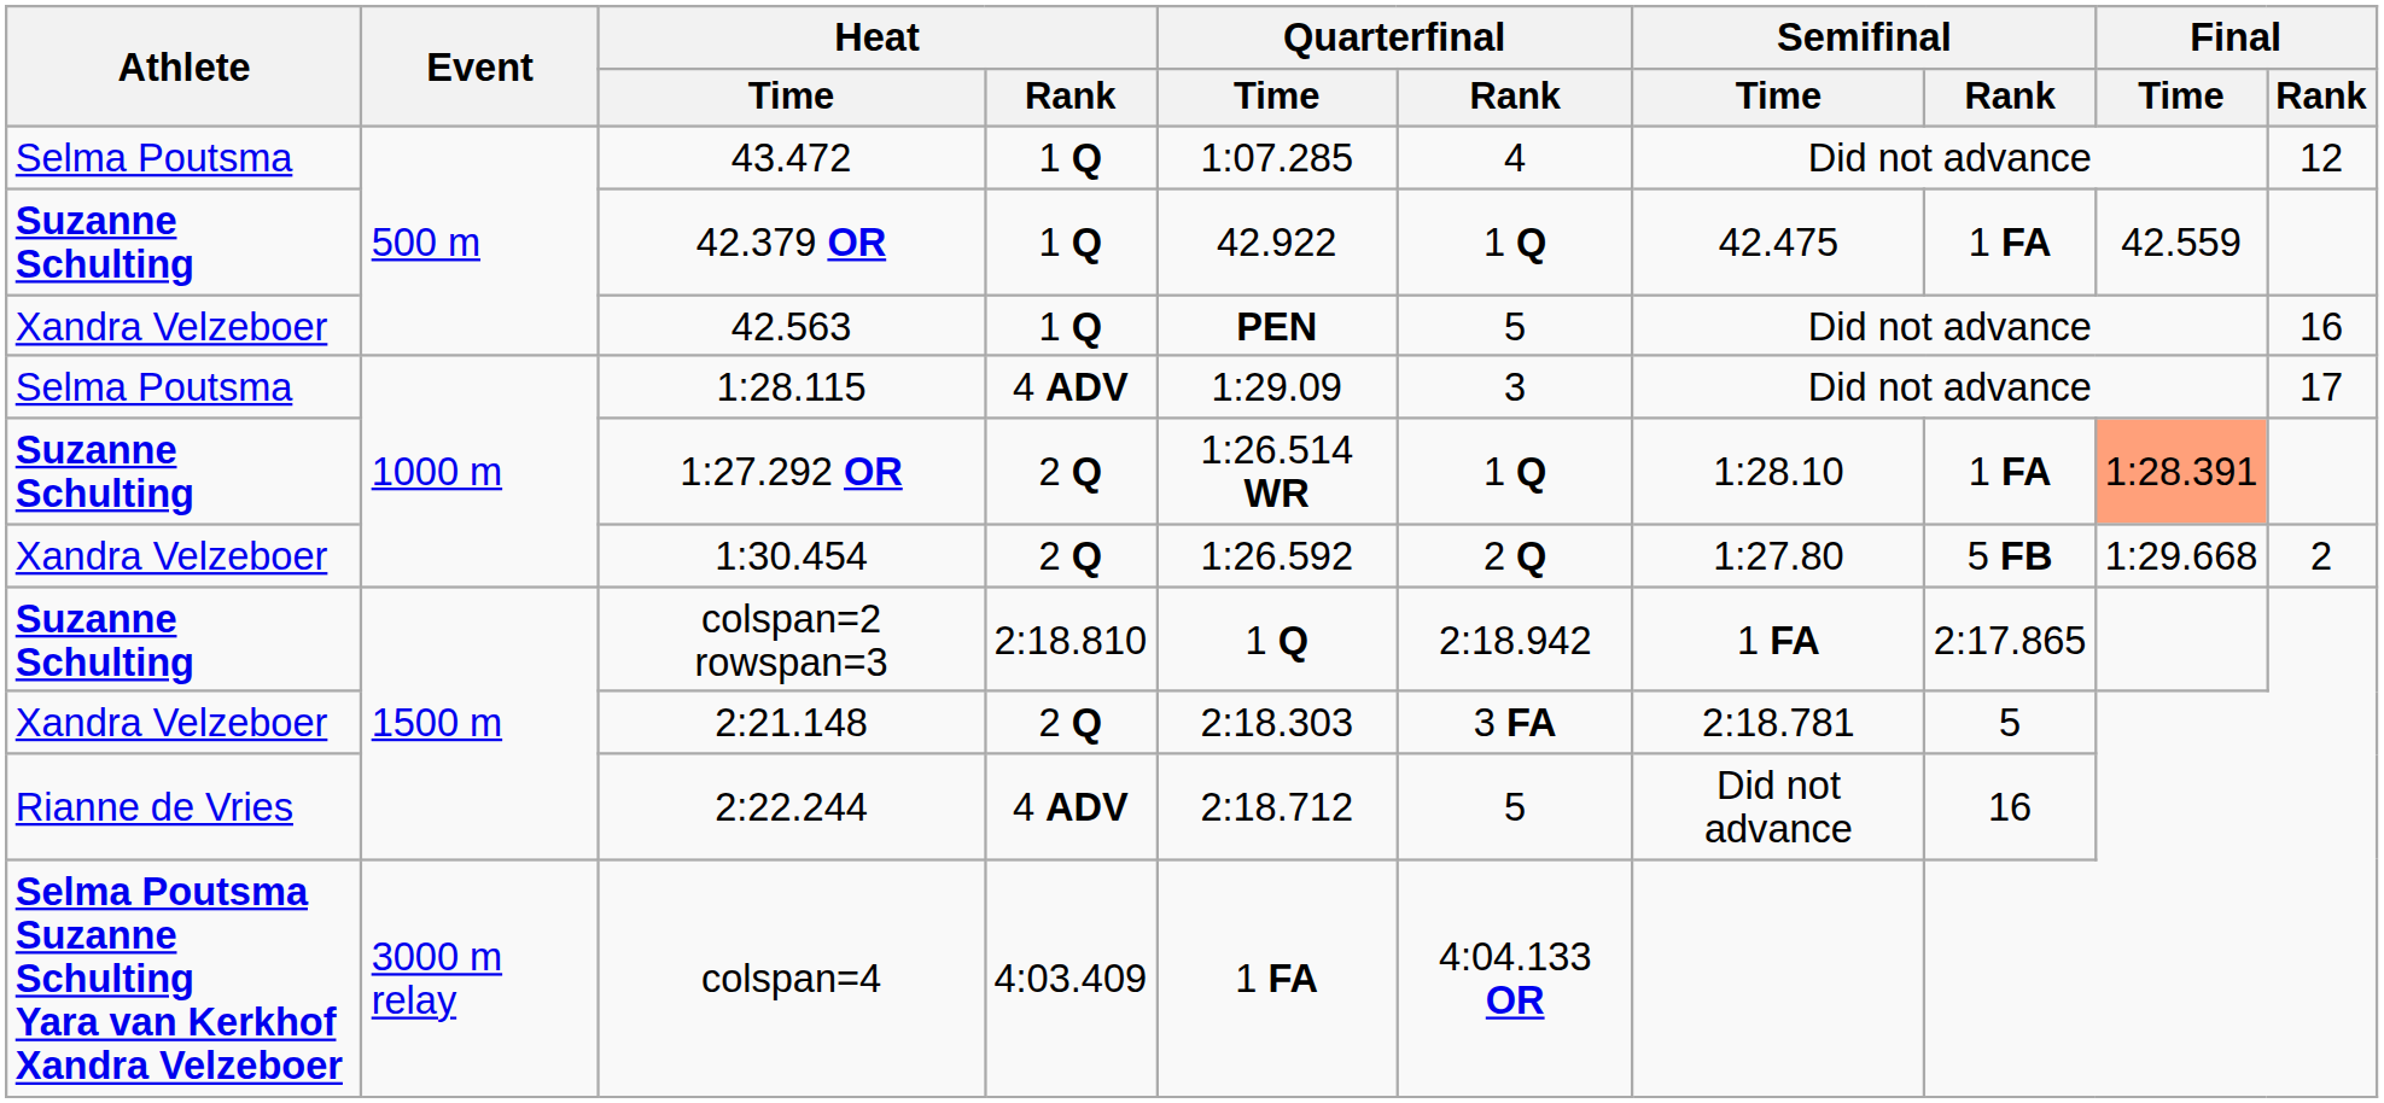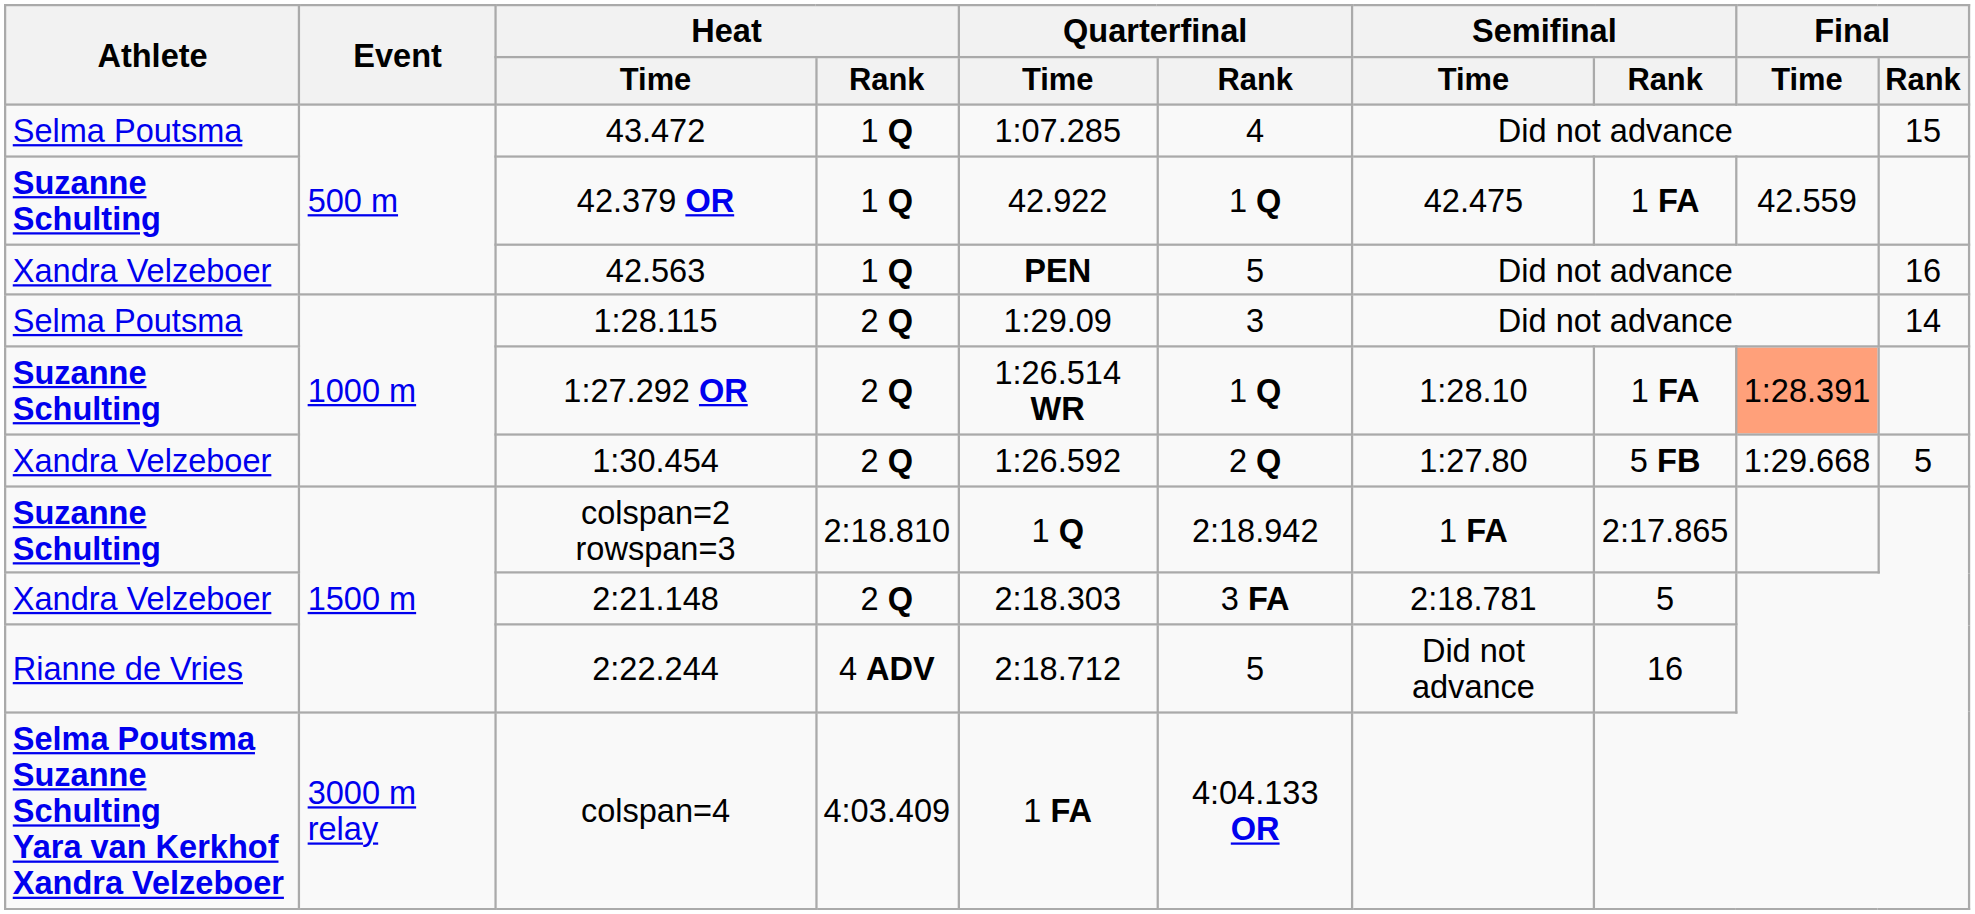 <table class="wikitable" style="font-size:90%">
 <tr>
 <th rowspan=2>Athlete</th>
 <th rowspan=2>Event</th>
 <th colspan=2>Heat</th>
 <th colspan=2>Quarterfinal</th>
 <th colspan=2>Semifinal</th>
 <th colspan=2>Final</th>
 </tr>
 <tr style="font-size:95%">
 <th>Time</th>
 <th>Rank</th>
 <th>Time</th>
 <th>Rank</th>
 <th>Time</th>
 <th>Rank</th>
 <th>Time</th>
 <th>Rank</th>
 </tr>
 <tr align=center>
 <td align=left><a href='#'>Selma Poutsma</a></td>
 <td align=left rowspan=3><a href='#'>500 m</a></td>
 <td>43.472</td>
 <td>1 <strong>Q</strong></td>
 <td>1:07.285</td>
 <td>4</td>
 <td colspan=3>Did not advance</td>
-<td>12</td>
+<td>15</td>
 </tr>
 <tr align=center>
 <td align=left><strong><a href='#'>Suzanne Schulting</a></strong></td>
 <td>42.379 <strong><a href='#'>OR</a></strong></td>
 <td>1 <strong>Q</strong></td>
 <td>42.922</td>
 <td>1 <strong>Q</strong></td>
 <td>42.475</td>
 <td>1 <strong>FA</strong></td>
 <td>42.559</td>
 <td></td>
 </tr>
 <tr align=center>
 <td align=left><a href='#'>Xandra Velzeboer</a></td>
 <td>42.563</td>
 <td>1 <strong>Q</strong></td>
 <td><strong>PEN</strong></td>
 <td>5</td>
 <td colspan=3>Did not advance</td>
 <td>16</td>
 </tr>
 <tr align=center>
 <td align=left><a href='#'>Selma Poutsma</a></td>
 <td align=left rowspan=3><a href='#'>1000 m</a></td>
 <td>1:28.115</td>
-<td>4 <strong>ADV</strong></td>
+<td>2 <strong>Q</strong></td>
 <td>1:29.09</td>
 <td>3</td>
 <td colspan=3>Did not advance</td>
-<td>17</td>
+<td>14</td>
 </tr>
 <tr align=center>
 <td align=left><strong><a href='#'>Suzanne Schulting</a></strong></td>
 <td>1:27.292 <strong><a href='#'>OR</a></strong></td>
 <td>2 <strong>Q</strong></td>
 <td>1:26.514 <strong>WR</strong></td>
 <td>1 <strong>Q</strong></td>
 <td>1:28.10</td>
 <td>1 <strong>FA</strong></td>
 <td style="background: lightsalmon;">1:28.391</td>
 <td></td>
 </tr>
 <tr align=center>
 <td align=left><a href='#'>Xandra Velzeboer</a></td>
 <td>1:30.454</td>
 <td>2 <strong>Q</strong></td>
 <td>1:26.592</td>
 <td>2 <strong>Q</strong></td>
 <td>1:27.80</td>
 <td>5 <strong>FB</strong></td>
 <td>1:29.668</td>
-<td>2</td>
+<td>5</td>
 </tr>
 <tr align=center>
 <td align=left><strong><a href='#'>Suzanne Schulting</a></strong></td>
 <td align=left rowspan=3><a href='#'>1500 m</a></td>
 <td>colspan=2 rowspan=3 </td>
 <td>2:18.810</td>
 <td>1 <strong>Q</strong></td>
 <td>2:18.942</td>
 <td>1 <strong>FA</strong></td>
 <td>2:17.865</td>
 <td></td>
 </tr>
 <tr align=center>
 <td align=left><a href='#'>Xandra Velzeboer</a></td>
 <td>2:21.148</td>
 <td>2 <strong>Q</strong></td>
 <td>2:18.303</td>
 <td>3 <strong>FA</strong></td>
 <td>2:18.781</td>
 <td>5</td>
 </tr>
 <tr align=center>
 <td align=left><a href='#'>Rianne de Vries</a></td>
 <td>2:22.244</td>
 <td>4 <strong>ADV</strong></td>
 <td>2:18.712</td>
 <td>5</td>
 <td>Did not advance</td>
 <td>16</td>
 </tr>
 <tr align=center>
 <td align=left><strong><a href='#'>Selma Poutsma</a><br><a href='#'>Suzanne Schulting</a><br><a href='#'>Yara van Kerkhof</a><br><a href='#'>Xandra Velzeboer</a></strong></td>
 <td align=left><a href='#'>3000 m relay</a></td>
 <td>colspan=4 </td>
 <td>4:03.409</td>
 <td>1 <strong>FA</strong></td>
 <td>4:04.133 <strong><a href='#'>OR</a></strong></td>
 <td></td>
 </tr>
 </table>
